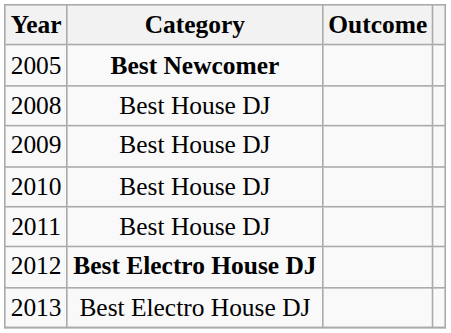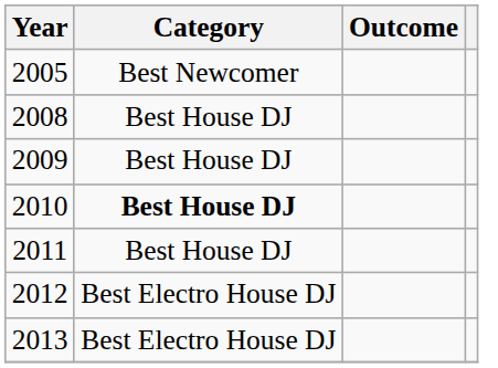 <table class="wikitable plainrowheaders" style="text-align:center;">
 <tr>
 <th>Year</th>
 <th>Category</th>
 <th>Outcome</th>
 <th></th>
 </tr>
 <tr>
 <td>2005</td>
-<td><strong>Best Newcomer</strong></td>
+<td>Best Newcomer</td>
 <td></td>
 <td></td>
 </tr>
 <tr>
 <td>2008</td>
 <td>Best House DJ</td>
 <td></td>
 <td></td>
 </tr>
 <tr>
 <td>2009</td>
 <td>Best House DJ</td>
 <td></td>
 <td></td>
 </tr>
 <tr>
 <td>2010</td>
-<td>Best House DJ</td>
+<td><strong>Best House DJ</strong></td>
 <td></td>
 <td></td>
 </tr>
 <tr>
 <td>2011</td>
 <td>Best House DJ</td>
 <td></td>
 <td></td>
 </tr>
 <tr>
 <td>2012</td>
-<td><strong>Best Electro House DJ</strong></td>
+<td>Best Electro House DJ</td>
 <td></td>
 <td></td>
 </tr>
 <tr>
 <td>2013</td>
 <td>Best Electro House DJ</td>
 <td></td>
 <td></td>
 </tr>
 <tr>
 </tr>
 </table>
